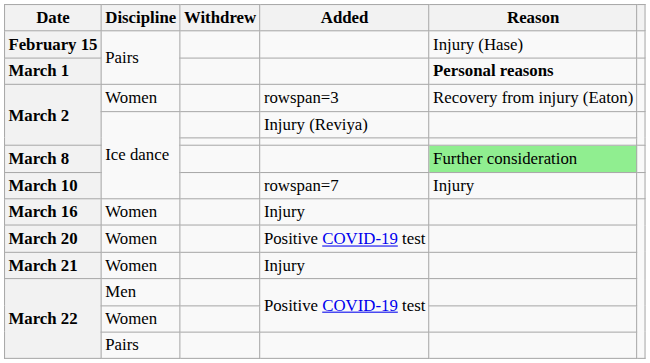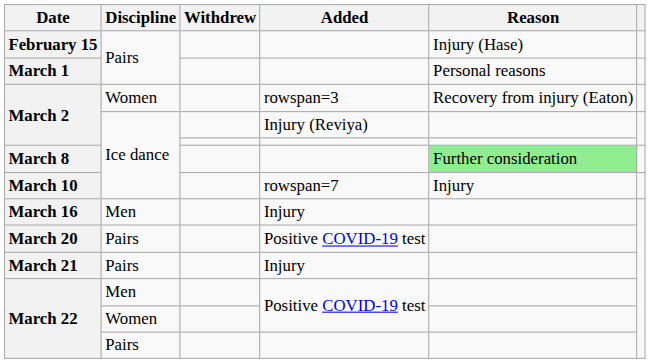 <table class="wikitable unsortable" style="text-align:left;">
 <tr>
 <th scope="col">Date</th>
 <th scope="col">Discipline</th>
 <th scope="col">Withdrew</th>
 <th scope="col">Added</th>
 <th scope="col">Reason</th>
 <th scope="col"></th>
 </tr>
 <tr>
 <th scope="row" style="text-align:left">February 15</th>
 <td rowspan="2">Pairs</td>
 <td></td>
 <td></td>
 <td>Injury (Hase)</td>
 <td></td>
 </tr>
 <tr>
 <th scope="row" style="text-align:left">March 1</th>
 <td></td>
 <td></td>
-<td><strong>Personal reasons</strong></td>
+<td>Personal reasons</td>
 <td></td>
 </tr>
 <tr>
 <th rowspan="3" scope="row" style="text-align:left">March 2</th>
 <td>Women</td>
 <td></td>
 <td>rowspan=3 </td>
 <td>Recovery from injury (Eaton)</td>
 <td></td>
 </tr>
 <tr>
 <td rowspan="4">Ice dance</td>
 <td></td>
 <td>Injury (Reviya)</td>
 <td></td>
 </tr>
 <tr>
 <td></td>
 <td></td>
 <td></td>
 </tr>
 <tr>
 <th scope="row" style="text-align:left">March 8</th>
 <td></td>
 <td></td>
 <td style="background: lightgreen;">Further consideration</td>
 <td></td>
 </tr>
 <tr>
 <th scope="row" style="text-align:left">March 10</th>
 <td></td>
 <td>rowspan=7 </td>
 <td>Injury</td>
 <td></td>
 </tr>
 <tr>
 <th scope="row" style="text-align:left">March 16</th>
-<td>Women</td>
+<td>Men</td>
 <td></td>
 <td>Injury</td>
 <td></td>
 </tr>
 <tr>
 <th scope="row" style="text-align:left">March 20</th>
-<td>Women</td>
+<td>Pairs</td>
 <td></td>
 <td>Positive <a href='#'>COVID-19</a> test</td>
 <td></td>
 </tr>
 <tr>
 <th scope="row" style="text-align:left">March 21</th>
-<td>Women</td>
+<td>Pairs</td>
 <td></td>
 <td>Injury</td>
 <td></td>
 </tr>
 <tr>
 <th rowspan="3" scope="row" style="text-align:left">March 22</th>
 <td>Men</td>
 <td></td>
 <td rowspan="2">Positive <a href='#'>COVID-19</a> test</td>
 <td></td>
 </tr>
 <tr>
 <td>Women</td>
 <td></td>
 <td></td>
 </tr>
 <tr>
 <td>Pairs</td>
 <td></td>
 <td></td>
 <td></td>
 </tr>
 </table>
